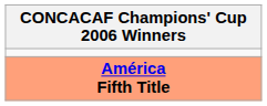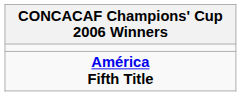 <table class="wikitable" style="text-align: center; margin: 0 auto; width: 20%">
 <tr>
 <th>CONCACAF Champions' Cup<br>2006 Winners</th>
 </tr>
 <tr>
 <td></td>
 </tr>
 <tr>
-<td style="background: lightsalmon;"><strong><a href='#'>América</a></strong><br><strong>Fifth Title</strong></td>
+<td><strong><a href='#'>América</a></strong><br><strong>Fifth Title</strong></td>
 </tr>
 </table>
